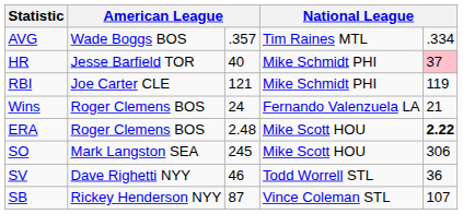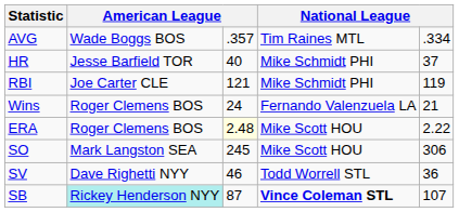 <table class="wikitable">
 <tr>
 <th>Statistic</th>
 <th colspan=2><a href='#'>American League</a></th>
 <th colspan=2><a href='#'>National League</a></th>
 </tr>
 <tr>
 <td><a href='#'>AVG</a></td>
 <td><a href='#'>Wade Boggs</a> BOS</td>
 <td>.357</td>
 <td><a href='#'>Tim Raines</a> MTL</td>
 <td>.334</td>
 </tr>
 <tr>
 <td><a href='#'>HR</a></td>
 <td><a href='#'>Jesse Barfield</a> TOR</td>
 <td>40</td>
 <td><a href='#'>Mike Schmidt</a> PHI</td>
-<td style="background: pink;">37</td>
+<td>37</td>
 </tr>
 <tr>
 <td><a href='#'>RBI</a></td>
 <td><a href='#'>Joe Carter</a> CLE</td>
 <td>121</td>
 <td><a href='#'>Mike Schmidt</a> PHI</td>
 <td>119</td>
 </tr>
 <tr>
 <td><a href='#'>Wins</a></td>
 <td><a href='#'>Roger Clemens</a> BOS</td>
 <td>24</td>
 <td><a href='#'>Fernando Valenzuela</a> LA</td>
 <td>21</td>
 </tr>
 <tr>
 <td><a href='#'>ERA</a></td>
 <td><a href='#'>Roger Clemens</a> BOS</td>
-<td>2.48</td>
+<td style="background: lightyellow;">2.48</td>
 <td><a href='#'>Mike Scott</a> HOU</td>
-<td><strong>2.22</strong></td>
+<td>2.22</td>
 </tr>
 <tr>
 <td><a href='#'>SO</a></td>
 <td><a href='#'>Mark Langston</a> SEA</td>
 <td>245</td>
 <td><a href='#'>Mike Scott</a> HOU</td>
 <td>306</td>
 </tr>
 <tr>
 <td><a href='#'>SV</a></td>
 <td><a href='#'>Dave Righetti</a> NYY</td>
 <td>46</td>
 <td><a href='#'>Todd Worrell</a> STL</td>
 <td>36</td>
 </tr>
 <tr>
 <td><a href='#'>SB</a></td>
-<td><a href='#'>Rickey Henderson</a> NYY</td>
+<td style="background: paleturquoise;"><a href='#'>Rickey Henderson</a> NYY</td>
 <td>87</td>
-<td><a href='#'>Vince Coleman</a> STL</td>
+<td><strong><a href='#'>Vince Coleman</a> STL</strong></td>
 <td>107</td>
 </tr>
 </table>
